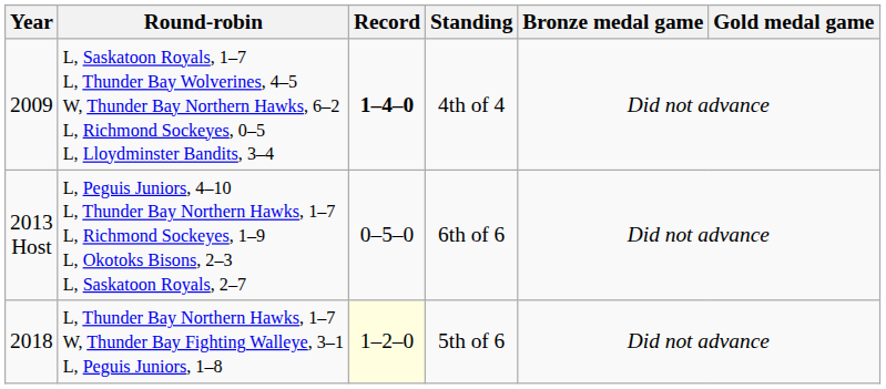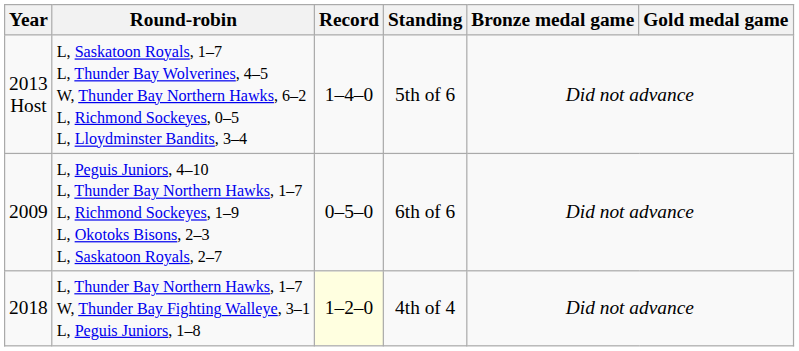 <table class="wikitable" style="text-align:center">
 <tr>
 <th>Year</th>
 <th>Round-robin</th>
 <th>Record</th>
 <th>Standing</th>
 <th>Bronze medal game</th>
 <th>Gold medal game</th>
 </tr>
 <tr>
-<td>2009</td>
+<td>2013<br>Host</td>
 <td align=left><small>L, <a href='#'>Saskatoon Royals</a>, 1–7<br>L, <a href='#'>Thunder Bay Wolverines</a>, 4–5<br>W, <a href='#'>Thunder Bay Northern Hawks</a>, 6–2<br>L, <a href='#'>Richmond Sockeyes</a>, 0–5<br>L, <a href='#'>Lloydminster Bandits</a>, 3–4</small></td>
-<td><strong>1–4–0</strong></td>
-<td>4th of 4</td>
+<td>1–4–0</td>
+<td>5th of 6</td>
 <td colspan=2><em>Did not advance</em></td>
 </tr>
 <tr>
-<td>2013<br>Host</td>
+<td>2009</td>
 <td align=left><small>L, <a href='#'>Peguis Juniors</a>, 4–10<br>L, <a href='#'>Thunder Bay Northern Hawks</a>, 1–7<br>L, <a href='#'>Richmond Sockeyes</a>, 1–9<br>L, <a href='#'>Okotoks Bisons</a>, 2–3<br>L, <a href='#'>Saskatoon Royals</a>, 2–7</small></td>
 <td>0–5–0</td>
 <td>6th of 6</td>
 <td colspan=2><em>Did not advance</em></td>
 </tr>
 <tr>
 <td>2018</td>
 <td align="left"><small>L, <a href='#'>Thunder Bay Northern Hawks</a>, 1–7<br>W, <a href='#'>Thunder Bay Fighting Walleye</a>, 3–1<br>L, <a href='#'>Peguis Juniors</a>, 1–8</small></td>
 <td style="background: lightyellow;">1–2–0</td>
-<td>5th of 6</td>
+<td>4th of 4</td>
 <td colspan=2><em>Did not advance</em></td>
 </tr>
 </table>
